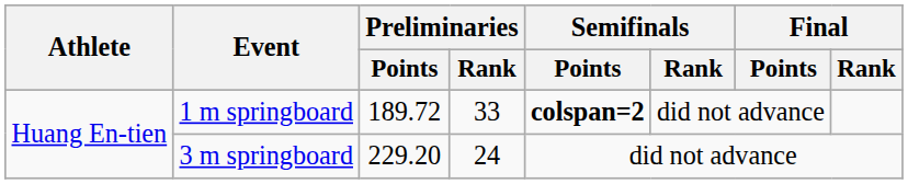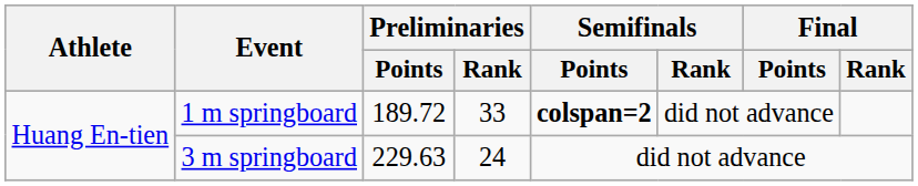 <table class=wikitable style="font-size:90%;">
 <tr>
 <th rowspan="2">Athlete</th>
 <th rowspan="2">Event</th>
 <th colspan="2">Preliminaries</th>
 <th colspan="2">Semifinals</th>
 <th colspan="2">Final</th>
 </tr>
 <tr style="font-size:95%">
 <th>Points</th>
 <th>Rank</th>
 <th>Points</th>
 <th>Rank</th>
 <th>Points</th>
 <th>Rank</th>
 </tr>
 <tr align=center>
 <td align=left rowspan=2><a href='#'>Huang En-tien</a></td>
 <td align=left><a href='#'>1 m springboard</a></td>
 <td>189.72</td>
 <td>33</td>
 <td><strong>colspan=2 </strong></td>
 <td colspan=2>did not advance</td>
 </tr>
 <tr align=center>
 <td align=left><a href='#'>3 m springboard</a></td>
-<td>229.20</td>
+<td>229.63</td>
 <td>24</td>
 <td colspan=4>did not advance</td>
 </tr>
 </table>
